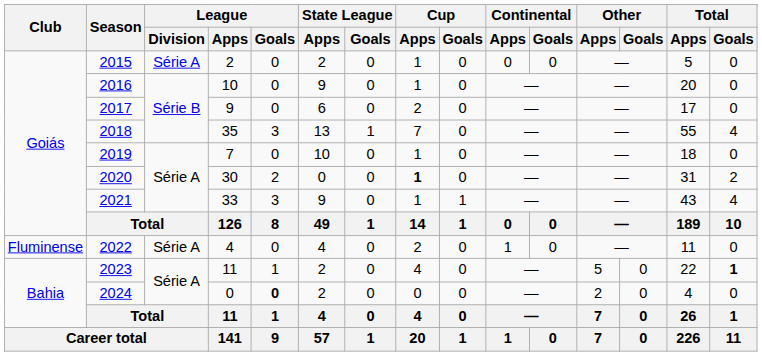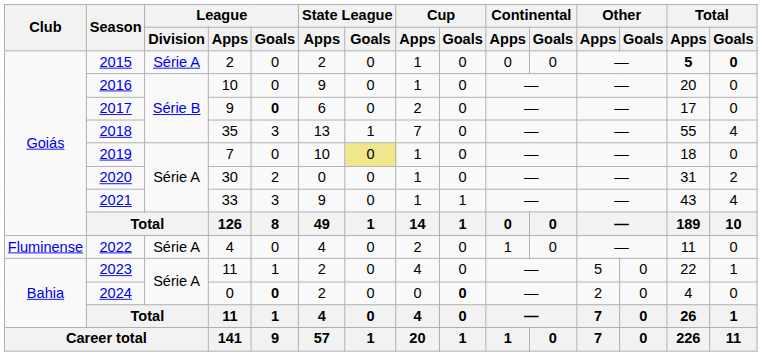 <table class="wikitable" style="text-align: center;">
 <tr>
 <th rowspan="2">Club</th>
 <th rowspan="2">Season</th>
 <th colspan="3">League</th>
 <th colspan="2">State League</th>
 <th colspan="2">Cup</th>
 <th colspan="2">Continental</th>
 <th colspan="2">Other</th>
 <th colspan="2">Total</th>
 </tr>
 <tr>
 <th>Division</th>
 <th>Apps</th>
 <th>Goals</th>
 <th>Apps</th>
 <th>Goals</th>
 <th>Apps</th>
 <th>Goals</th>
 <th>Apps</th>
 <th>Goals</th>
 <th>Apps</th>
 <th>Goals</th>
 <th>Apps</th>
 <th>Goals</th>
 </tr>
 <tr>
 <td rowspan="8" valign="center"><a href='#'>Goiás</a></td>
 <td><a href='#'>2015</a></td>
 <td><a href='#'>Série A</a></td>
 <td>2</td>
 <td>0</td>
 <td>2</td>
 <td>0</td>
 <td>1</td>
 <td>0</td>
 <td>0</td>
 <td>0</td>
 <td colspan="2">—</td>
-<td>5</td>
-<td>0</td>
+<td><strong>5</strong></td>
+<td><strong>0</strong></td>
 </tr>
 <tr>
 <td><a href='#'>2016</a></td>
 <td rowspan="3"><a href='#'>Série B</a></td>
 <td>10</td>
 <td>0</td>
 <td>9</td>
 <td>0</td>
 <td>1</td>
 <td>0</td>
 <td colspan="2">—</td>
 <td colspan="2">—</td>
 <td>20</td>
 <td>0</td>
 </tr>
 <tr>
 <td><a href='#'>2017</a></td>
 <td>9</td>
-<td>0</td>
+<td><strong>0</strong></td>
 <td>6</td>
 <td>0</td>
 <td>2</td>
 <td>0</td>
 <td colspan="2">—</td>
 <td colspan="2">—</td>
 <td>17</td>
 <td>0</td>
 </tr>
 <tr>
 <td><a href='#'>2018</a></td>
 <td>35</td>
 <td>3</td>
 <td>13</td>
 <td>1</td>
 <td>7</td>
 <td>0</td>
 <td colspan="2">—</td>
 <td colspan="2">—</td>
 <td>55</td>
 <td>4</td>
 </tr>
 <tr>
 <td><a href='#'>2019</a></td>
 <td rowspan="3">Série A</td>
 <td>7</td>
 <td>0</td>
 <td>10</td>
-<td>0</td>
+<td style="background: khaki;">0</td>
 <td>1</td>
 <td>0</td>
 <td colspan="2">—</td>
 <td colspan="2">—</td>
 <td>18</td>
 <td>0</td>
 </tr>
 <tr>
 <td><a href='#'>2020</a></td>
 <td>30</td>
 <td>2</td>
 <td>0</td>
 <td>0</td>
-<td><strong>1</strong></td>
+<td>1</td>
 <td>0</td>
 <td colspan="2">—</td>
 <td colspan="2">—</td>
 <td>31</td>
 <td>2</td>
 </tr>
 <tr>
 <td><a href='#'>2021</a></td>
 <td>33</td>
 <td>3</td>
 <td>9</td>
 <td>0</td>
 <td>1</td>
 <td>1</td>
 <td colspan="2">—</td>
 <td colspan="2">—</td>
 <td>43</td>
 <td>4</td>
 </tr>
 <tr>
 <th colspan="2">Total</th>
 <th>126</th>
 <th>8</th>
 <th>49</th>
 <th>1</th>
 <th>14</th>
 <th>1</th>
 <th>0</th>
 <th>0</th>
 <th colspan="2">—</th>
 <th>189</th>
 <th>10</th>
 </tr>
 <tr>
 <td valign="center"><a href='#'>Fluminense</a></td>
 <td><a href='#'>2022</a></td>
 <td>Série A</td>
 <td>4</td>
 <td>0</td>
 <td>4</td>
 <td>0</td>
 <td>2</td>
 <td>0</td>
 <td>1</td>
 <td>0</td>
 <td colspan="2">—</td>
 <td>11</td>
 <td>0</td>
 </tr>
 <tr>
 <td rowspan="3" valign="center"><a href='#'>Bahia</a></td>
 <td><a href='#'>2023</a></td>
 <td rowspan="2">Série A</td>
 <td>11</td>
 <td>1</td>
 <td>2</td>
 <td>0</td>
 <td>4</td>
 <td>0</td>
 <td colspan="2">—</td>
 <td>5</td>
 <td>0</td>
 <td>22</td>
-<td><strong>1</strong></td>
+<td>1</td>
 </tr>
 <tr>
 <td><a href='#'>2024</a></td>
 <td>0</td>
 <td><strong>0</strong></td>
 <td>2</td>
 <td>0</td>
 <td>0</td>
-<td>0</td>
+<td><strong>0</strong></td>
 <td colspan="2">—</td>
 <td>2</td>
 <td>0</td>
 <td>4</td>
 <td>0</td>
 </tr>
 <tr>
 <th colspan="2">Total</th>
 <th>11</th>
 <th>1</th>
 <th>4</th>
 <th>0</th>
 <th>4</th>
 <th>0</th>
 <th colspan="2">—</th>
 <th>7</th>
 <th>0</th>
 <th>26</th>
 <th>1</th>
 </tr>
 <tr>
 <th colspan="3"><strong>Career total</strong></th>
 <th>141</th>
 <th>9</th>
 <th>57</th>
 <th>1</th>
 <th>20</th>
 <th>1</th>
 <th>1</th>
 <th>0</th>
 <th>7</th>
 <th>0</th>
 <th>226</th>
 <th>11</th>
 </tr>
 </table>
